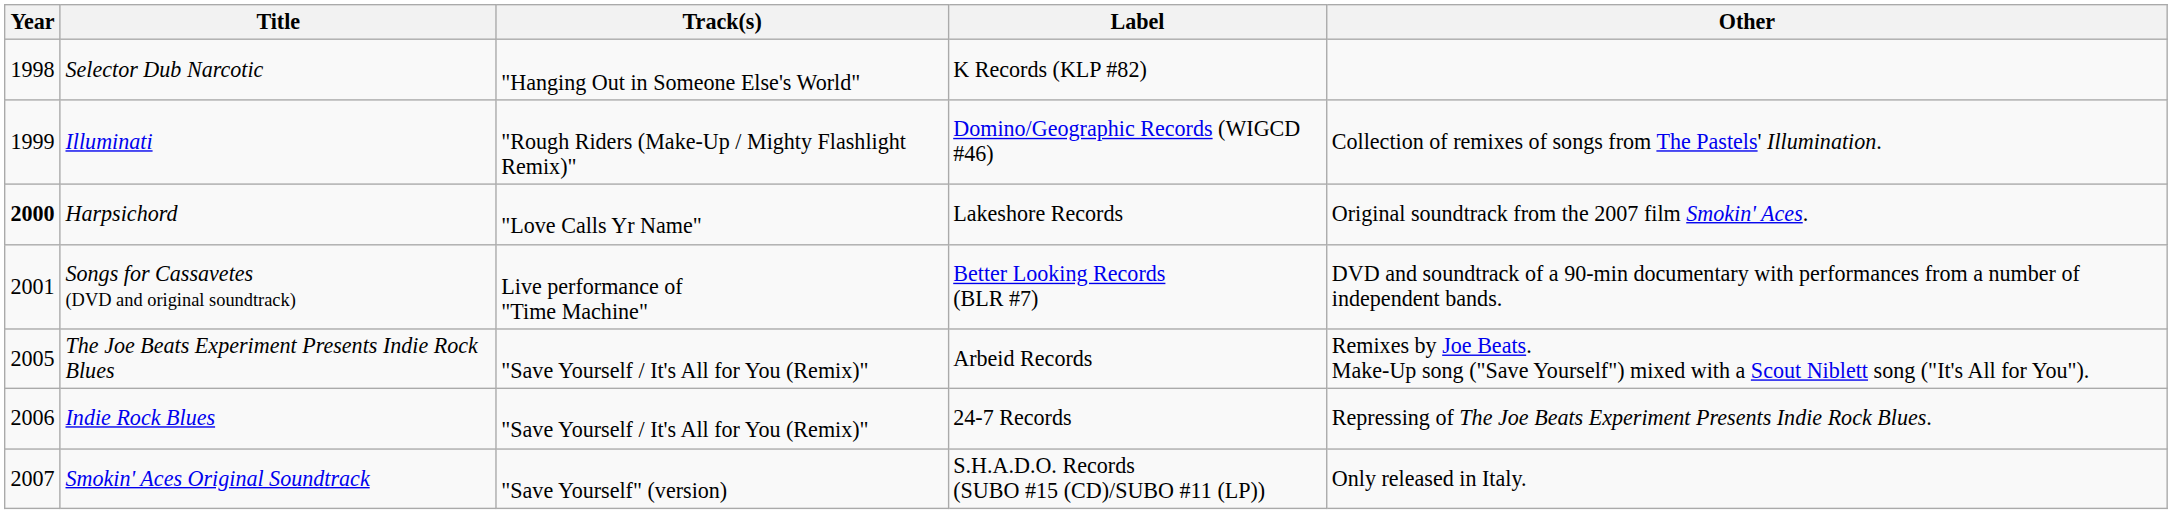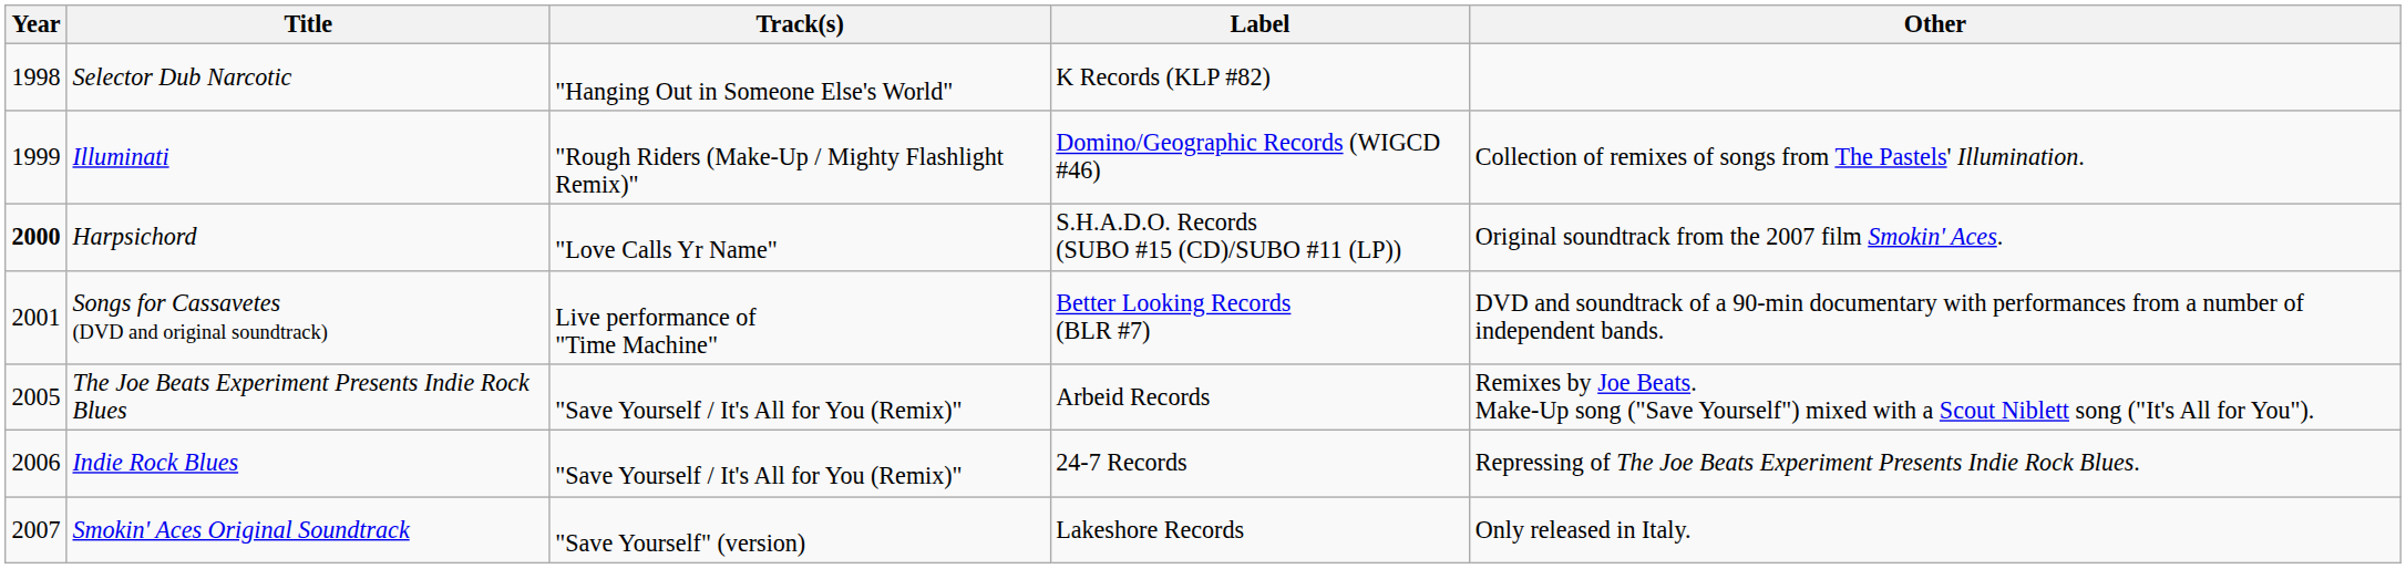 <table class="wikitable">
 <tr>
 <th width="33">Year</th>
 <th align="left">Title</th>
 <th align="left">Track(s)</th>
 <th align="left">Label</th>
 <th align="left">Other</th>
 </tr>
 <tr>
 <td align="center">1998</td>
 <td><em>Selector Dub Narcotic</em></td>
 <td><br>"Hanging Out in Someone Else's World"</td>
 <td>K Records (KLP #82)</td>
 <td></td>
 </tr>
 <tr>
 <td align="center">1999</td>
 <td><em><a href='#'>Illuminati</a></em></td>
 <td><br>"Rough Riders (Make-Up / Mighty Flashlight Remix)"</td>
 <td><a href='#'>Domino/Geographic Records</a> (WIGCD #46)</td>
 <td>Collection of remixes of songs from <a href='#'>The Pastels</a>' <em>Illumination</em>.</td>
 </tr>
 <tr>
 <td align="center"><strong>2000</strong></td>
 <td><em>Harpsichord </em></td>
 <td><br>"Love Calls Yr Name"</td>
-<td>Lakeshore Records</td>
+<td>S.H.A.D.O. Records<br>(SUBO #15 (CD)/SUBO #11 (LP))</td>
 <td>Original soundtrack from the 2007 film <em><a href='#'>Smokin' Aces</a></em>.</td>
 </tr>
 <tr>
 <td align="center">2001</td>
 <td><em>Songs for Cassavetes</em><br><small>(DVD and original soundtrack)</small></td>
 <td><br>Live performance of<br>"Time Machine"</td>
 <td><a href='#'>Better Looking Records</a><br>(BLR #7)</td>
 <td>DVD and soundtrack of a 90-min documentary with performances from a number of independent bands.</td>
 </tr>
 <tr>
 <td align="center">2005</td>
 <td><em>The Joe Beats Experiment Presents Indie Rock Blues</em></td>
 <td><br>"Save Yourself / It's All for You (Remix)"</td>
 <td>Arbeid Records</td>
 <td>Remixes by <a href='#'>Joe Beats</a>.<br>Make-Up song ("Save Yourself") mixed with a <a href='#'>Scout Niblett</a> song ("It's All for You").</td>
 </tr>
 <tr>
 <td align="center">2006</td>
 <td><em><a href='#'>Indie Rock Blues</a></em></td>
 <td><br>"Save Yourself / It's All for You (Remix)"</td>
 <td>24-7 Records</td>
 <td>Repressing of <em>The Joe Beats Experiment Presents Indie Rock Blues</em>.</td>
 </tr>
 <tr>
 <td align="center">2007</td>
 <td><em><a href='#'>Smokin' Aces Original Soundtrack</a></em></td>
 <td><br>"Save Yourself" (version)</td>
-<td>S.H.A.D.O. Records<br>(SUBO #15 (CD)/SUBO #11 (LP))</td>
+<td>Lakeshore Records</td>
 <td>Only released in Italy.</td>
 </tr>
 </table>
